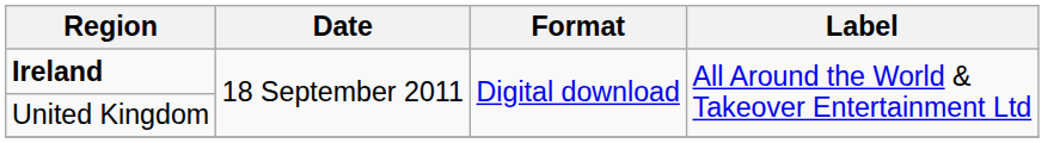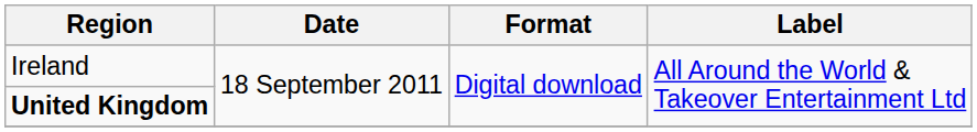 <table class=wikitable>
 <tr>
 <th>Region</th>
 <th>Date</th>
 <th>Format</th>
 <th>Label</th>
 </tr>
 <tr>
-<td><strong>Ireland</strong></td>
+<td>Ireland</td>
 <td rowspan="2">18 September 2011</td>
 <td rowspan="2"><a href='#'>Digital download</a></td>
 <td rowspan="2"><a href='#'>All Around the World</a> &<br><a href='#'>Takeover Entertainment Ltd</a></td>
 </tr>
 <tr>
-<td>United Kingdom</td>
+<td><strong>United Kingdom</strong></td>
 </tr>
 <tr>
 </tr>
 </table>
